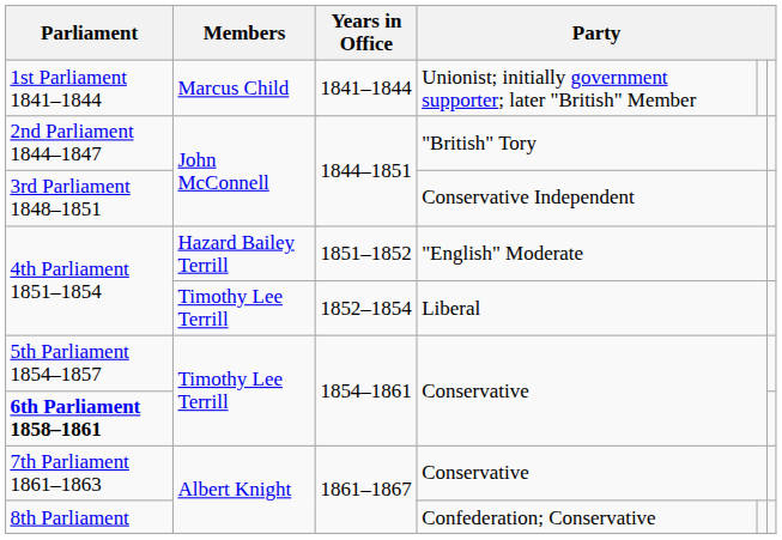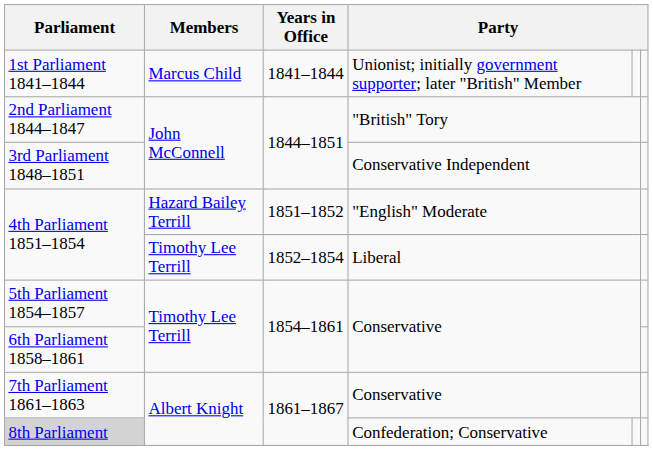 <table class="wikitable">
 <tr>
 <th>Parliament</th>
 <th colspan="2">Members</th>
 <th>Years in Office</th>
 <th colspan="3">Party</th>
 </tr>
 <tr>
 <td><a href='#'>1st Parliament</a><br>1841–1844</td>
 <td colspan="2"><a href='#'>Marcus Child</a></td>
 <td>1841–1844</td>
 <td>Unionist; initially <a href='#'>government supporter</a>; later "British" Member</td>
 <td></td>
 <td></td>
 </tr>
 <tr>
 <td><a href='#'>2nd Parliament</a> <br> 1844–1847</td>
 <td colspan="2" rowspan="2"><a href='#'>John McConnell</a></td>
 <td rowspan="2">1844–1851</td>
 <td colspan="2">"British" Tory</td>
 <td></td>
 </tr>
 <tr>
 <td><a href='#'>3rd Parliament</a> <br> 1848–1851</td>
 <td colspan="2">Conservative Independent</td>
 <td></td>
 </tr>
 <tr>
 <td rowspan="2"><a href='#'>4th Parliament</a> <br> 1851–1854</td>
 <td colspan="2"><a href='#'>Hazard Bailey Terrill</a></td>
 <td>1851–1852</td>
 <td colspan="2">"English" Moderate</td>
 <td></td>
 </tr>
 <tr>
 <td colspan="2"><a href='#'>Timothy Lee Terrill</a></td>
 <td>1852–1854</td>
 <td colspan="2">Liberal</td>
 <td></td>
 </tr>
 <tr>
 <td><a href='#'>5th Parliament</a> 1854–1857</td>
 <td colspan="2" rowspan="2"><a href='#'>Timothy Lee Terrill</a></td>
 <td rowspan="2">1854–1861</td>
 <td colspan="2" rowspan="2">Conservative</td>
 <td></td>
 </tr>
 <tr>
-<td><strong><a href='#'>6th Parliament</a> <br> 1858–1861</strong></td>
+<td><a href='#'>6th Parliament</a> <br> 1858–1861</td>
 <td></td>
 </tr>
 <tr>
 <td><a href='#'>7th Parliament</a> <br> 1861–1863</td>
 <td rowspan="2" colspan="2"><a href='#'>Albert Knight</a></td>
 <td rowspan="2">1861–1867</td>
 <td colspan="2">Conservative</td>
 <td></td>
 </tr>
 <tr>
-<td><a href='#'>8th Parliament</a></td>
+<td style="background: lightgrey;"><a href='#'>8th Parliament</a></td>
 <td>Confederation; Conservative</td>
 <td></td>
 <td></td>
 </tr>
 <tr>
 </tr>
 </table>
